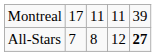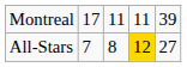 <table class="wikitable">
 <tr>
 <td>Montreal</td>
 <td>17</td>
 <td>11</td>
 <td>11</td>
 <td>39</td>
 </tr>
 <tr>
 <td>All-Stars</td>
 <td>7</td>
 <td>8</td>
-<td>12</td>
-<td><strong>27</strong></td>
+<td style="background: gold;">12</td>
+<td>27</td>
 </tr>
 </table>
